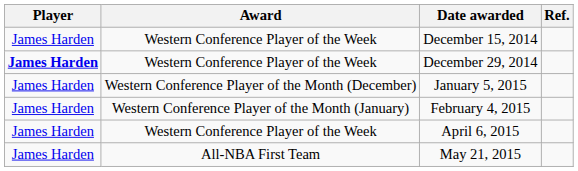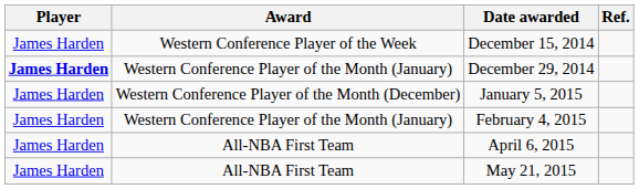 <table class="wikitable sortable sortable" style="text-align: center">
 <tr>
 <th>Player</th>
 <th>Award</th>
 <th>Date awarded</th>
 <th>Ref.</th>
 </tr>
 <tr>
 <td><a href='#'>James Harden</a></td>
 <td>Western Conference Player of the Week</td>
 <td>December 15, 2014</td>
 <td></td>
 </tr>
 <tr>
 <td><strong><a href='#'>James Harden</a></strong></td>
-<td>Western Conference Player of the Week</td>
+<td>Western Conference Player of the Month (January)</td>
 <td>December 29, 2014</td>
 <td></td>
 </tr>
 <tr>
 <td><a href='#'>James Harden</a></td>
 <td>Western Conference Player of the Month (December)</td>
 <td>January 5, 2015</td>
 <td></td>
 </tr>
 <tr>
 <td><a href='#'>James Harden</a></td>
 <td>Western Conference Player of the Month (January)</td>
 <td>February 4, 2015</td>
 <td></td>
 </tr>
 <tr>
 <td><a href='#'>James Harden</a></td>
-<td>Western Conference Player of the Week</td>
+<td>All-NBA First Team</td>
 <td>April 6, 2015</td>
 <td></td>
 </tr>
 <tr>
 <td><a href='#'>James Harden</a></td>
 <td>All-NBA First Team</td>
 <td>May 21, 2015</td>
 <td></td>
 </tr>
 </table>
